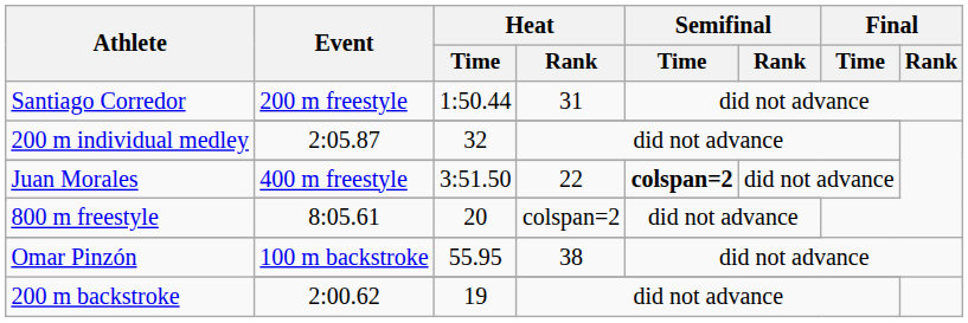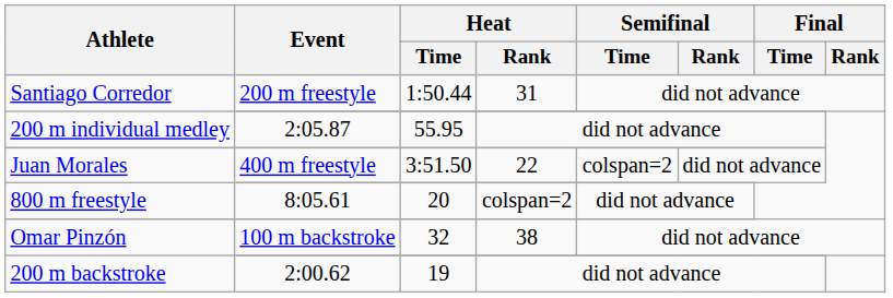 <table class=wikitable style="font-size:90%">
 <tr>
 <th rowspan="2">Athlete</th>
 <th rowspan="2">Event</th>
 <th colspan="2">Heat</th>
 <th colspan="2">Semifinal</th>
 <th colspan="2">Final</th>
 </tr>
 <tr style="font-size:95%">
 <th>Time</th>
 <th>Rank</th>
 <th>Time</th>
 <th>Rank</th>
 <th>Time</th>
 <th>Rank</th>
 </tr>
 <tr style="text-align:center">
 <td style="text-align:left" rowspan=2><a href='#'>Santiago Corredor</a></td>
 <td style="text-align:left"><a href='#'>200 m freestyle</a></td>
 <td>1:50.44</td>
 <td>31</td>
 <td colspan=4>did not advance</td>
 </tr>
 <tr>
 </tr>
 <tr style="text-align:center">
 <td style="text-align:left"><a href='#'>200 m individual medley</a></td>
 <td>2:05.87</td>
-<td>32</td>
+<td>55.95</td>
 <td colspan=4>did not advance</td>
 </tr>
 <tr>
 </tr>
 <tr style="text-align:center">
 <td style="text-align:left" rowspan=2><a href='#'>Juan Morales</a></td>
 <td style="text-align:left"><a href='#'>400 m freestyle</a></td>
 <td>3:51.50</td>
 <td>22</td>
-<td><strong>colspan=2</strong></td>
+<td>colspan=2</td>
 <td colspan=2>did not advance</td>
 </tr>
 <tr>
 </tr>
 <tr style="text-align:center">
 <td style="text-align:left"><a href='#'>800 m freestyle</a></td>
 <td>8:05.61</td>
 <td>20</td>
 <td>colspan=2</td>
 <td colspan=2>did not advance</td>
 </tr>
 <tr>
 </tr>
 <tr style="text-align:center">
 <td style="text-align:left" rowspan=2><a href='#'>Omar Pinzón</a></td>
 <td style="text-align:left"><a href='#'>100 m backstroke</a></td>
-<td>55.95</td>
+<td>32</td>
 <td>38</td>
 <td colspan=4>did not advance</td>
 </tr>
 <tr>
 </tr>
 <tr style="text-align:center">
 <td style="text-align:left"><a href='#'>200 m backstroke</a></td>
 <td>2:00.62</td>
 <td>19</td>
 <td colspan=4>did not advance</td>
 </tr>
 </table>
